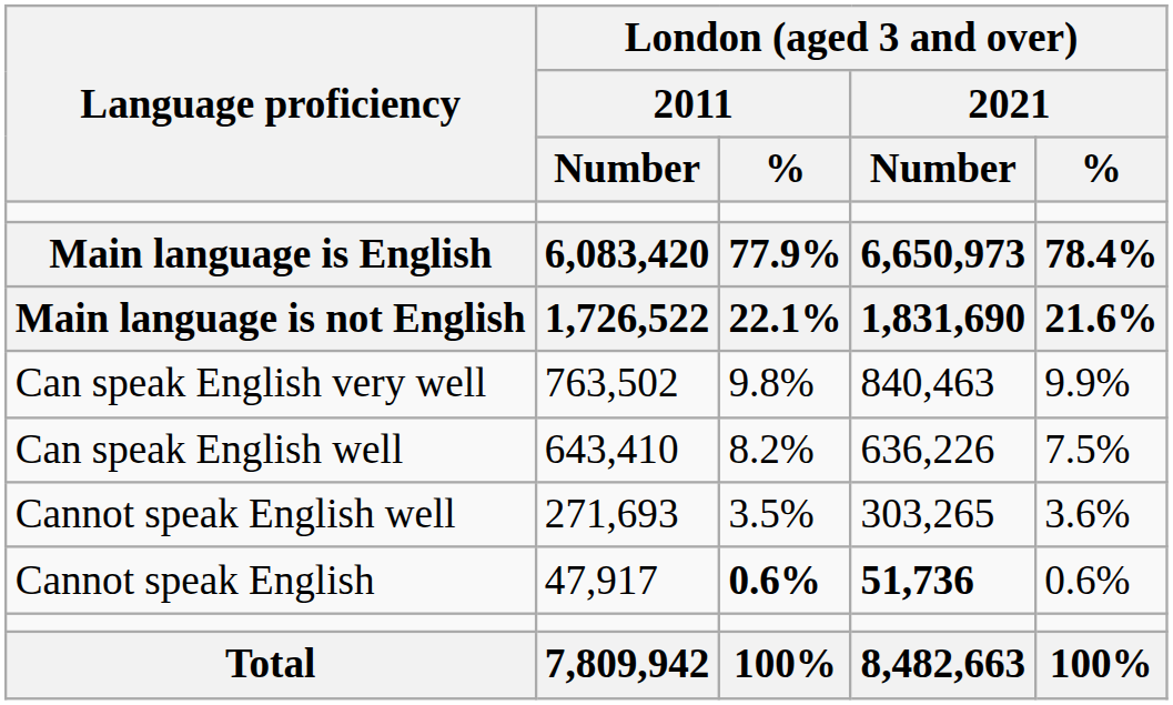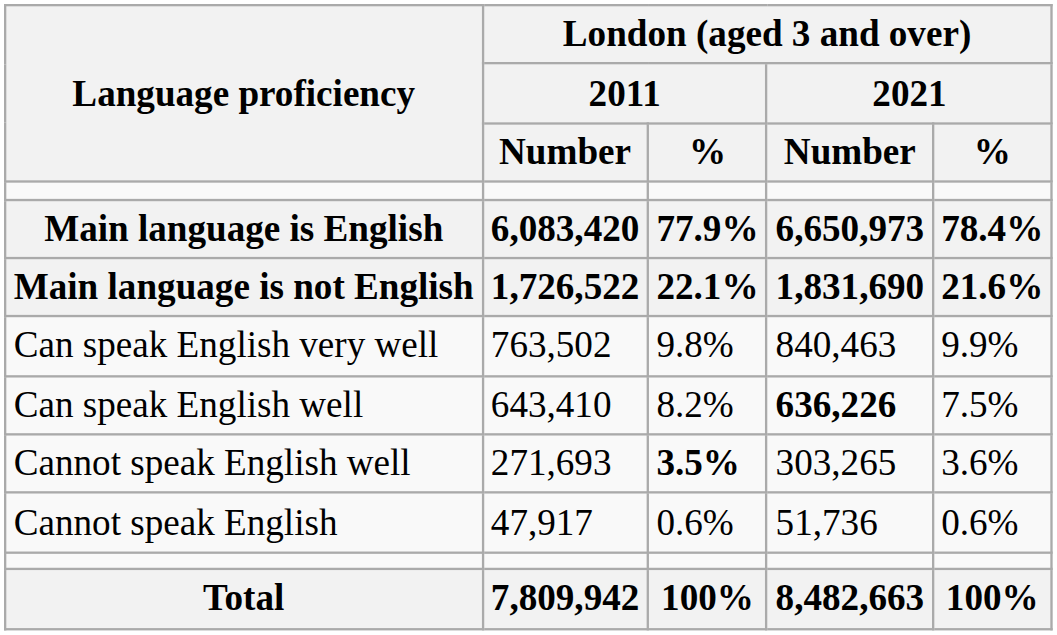 <table class="wikitable">
 <tr>
 <th rowspan="3">Language proficiency</th>
 <th colspan="4">London (aged 3 and over)</th>
 </tr>
 <tr>
 <th colspan="2">2011</th>
 <th colspan="2">2021</th>
 </tr>
 <tr>
 <th>Number</th>
 <th>%</th>
 <th>Number</th>
 <th>%</th>
 </tr>
 <tr>
 <td></td>
 <td></td>
 <td></td>
 <td></td>
 <td></td>
 </tr>
 <tr>
 <th>Main language is English</th>
 <th>6,083,420</th>
 <th>77.9%</th>
 <th>6,650,973</th>
 <th>78.4%</th>
 </tr>
 <tr>
 <th>Main language is not English</th>
 <th>1,726,522</th>
 <th>22.1%</th>
 <th>1,831,690</th>
 <th>21.6%</th>
 </tr>
 <tr>
 <td>Can speak English very well</td>
 <td>763,502</td>
 <td>9.8%</td>
 <td>840,463</td>
 <td>9.9%</td>
 </tr>
 <tr>
 <td>Can speak English well</td>
 <td>643,410</td>
 <td>8.2%</td>
-<td>636,226</td>
+<td><strong>636,226</strong></td>
 <td>7.5%</td>
 </tr>
 <tr>
 <td>Cannot speak English well</td>
 <td>271,693</td>
-<td>3.5%</td>
+<td><strong>3.5%</strong></td>
 <td>303,265</td>
 <td>3.6%</td>
 </tr>
 <tr>
 <td>Cannot speak English</td>
 <td>47,917</td>
-<td><strong>0.6%</strong></td>
-<td><strong>51,736</strong></td>
+<td>0.6%</td>
+<td>51,736</td>
 <td>0.6%</td>
 </tr>
 <tr>
 <td></td>
 <td></td>
 <td></td>
 <td></td>
 <td></td>
 </tr>
 <tr>
 <th>Total</th>
 <th>7,809,942</th>
 <th>100%</th>
 <th>8,482,663</th>
 <th>100%</th>
 </tr>
 </table>
